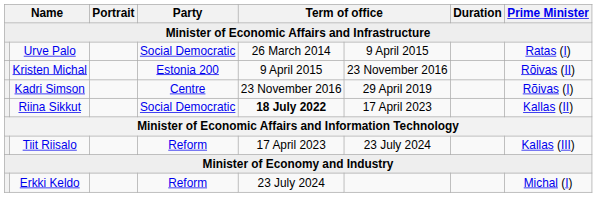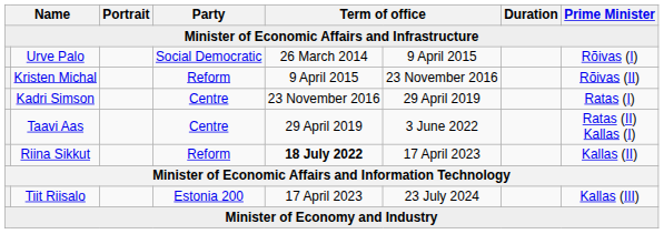 <table class="wikitable" style="text-align:center;">
 <tr>
 <th colspan=2>Name</th>
 <th>Portrait</th>
 <th>Party</th>
 <th colspan=2>Term of office</th>
 <th>Duration</th>
 <th><a href='#'>Prime Minister</a></th>
 </tr>
 <tr>
 <th style="background:#EEEEEE" colspan="8">Minister of Economic Affairs and Infrastructure</th>
 </tr>
 <tr>
 <th style="background:"></th>
 <td><a href='#'>Urve Palo</a></td>
 <td></td>
 <td><a href='#'>Social Democratic</a></td>
 <td>26 March 2014</td>
 <td>9 April 2015</td>
 <td></td>
-<td><a href='#'>Ratas</a> (<a href='#'>I</a>)</td>
+<td><a href='#'>Rõivas</a> (<a href='#'>I</a>)</td>
 </tr>
 <tr>
 <th style="background:"></th>
 <td><a href='#'>Kristen Michal</a></td>
 <td></td>
-<td><a href='#'>Estonia 200</a></td>
+<td><a href='#'>Reform</a></td>
 <td>9 April 2015</td>
 <td>23 November 2016</td>
 <td></td>
 <td><a href='#'>Rõivas</a> (<a href='#'>II</a>)</td>
 </tr>
 <tr>
 <th style="background:"></th>
 <td><a href='#'>Kadri Simson</a></td>
 <td></td>
 <td><a href='#'>Centre</a></td>
 <td>23 November 2016</td>
 <td>29 April 2019</td>
 <td></td>
-<td><a href='#'>Rõivas</a> (<a href='#'>I</a>)</td>
+<td><a href='#'>Ratas</a> (<a href='#'>I</a>)</td>
+</tr>
+<tr>
+<th style="background:"></th>
+<td><a href='#'>Taavi Aas</a></td>
+<td></td>
+<td><a href='#'>Centre</a></td>
+<td>29 April 2019</td>
+<td>3 June 2022</td>
+<td></td>
+<td><a href='#'>Ratas</a> (<a href='#'>II</a>)<br><a href='#'>Kallas</a> (<a href='#'>I</a>)</td>
 </tr>
 <tr>
 <th style="background:"></th>
 <td><a href='#'>Riina Sikkut</a></td>
 <td></td>
-<td><a href='#'>Social Democratic</a></td>
+<td><a href='#'>Reform</a></td>
 <td><strong>18 July 2022</strong></td>
 <td>17 April 2023</td>
 <td></td>
 <td><a href='#'>Kallas</a> (<a href='#'>II</a>)</td>
 </tr>
 <tr>
 <th colspan="8"><strong>Minister of Economic Affairs and Information Technology</strong></th>
 </tr>
 <tr>
 <th style="background:"></th>
 <td><a href='#'>Tiit Riisalo</a></td>
 <td></td>
-<td><a href='#'>Reform</a></td>
+<td><a href='#'>Estonia 200</a></td>
 <td>17 April 2023</td>
 <td>23 July 2024</td>
 <td></td>
 <td><a href='#'>Kallas</a> (<a href='#'>III</a>)</td>
 </tr>
 <tr>
 <th style="background:#EEEEEE" colspan="8">Minister of Economy and Industry</th>
 </tr>
-<tr>
-<th style="background:"></th>
-<td><a href='#'>Erkki Keldo</a></td>
-<td></td>
-<td><a href='#'>Reform</a></td>
-<td>23 July 2024</td>
-<td></td>
-<td></td>
-<td><a href='#'>Michal</a> (<a href='#'>I</a>)</td>
-</tr>
 </table>
